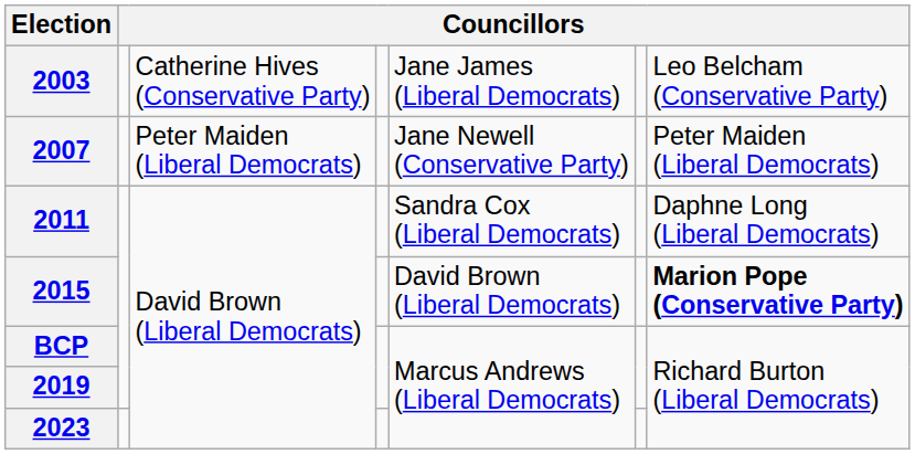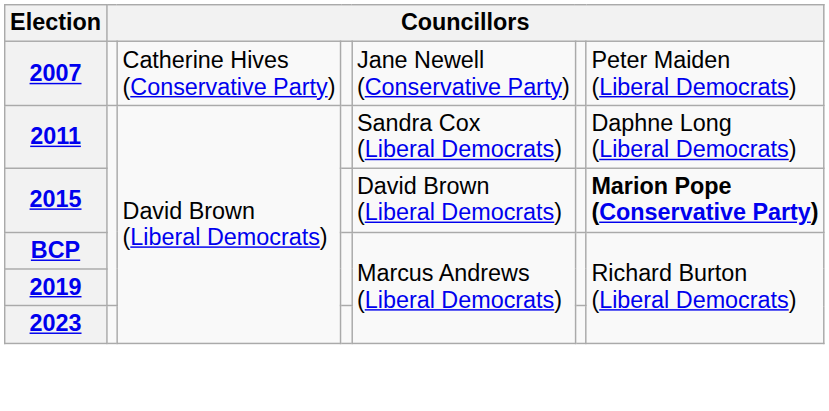 <table class="wikitable">
 <tr>
 <th>Election</th>
 <th colspan="6">Councillors</th>
 </tr>
 <tr>
-<th><a href='#'>2003</a></th>
+<th><a href='#'>2007</a></th>
 <td rowspan="1;" style="background-color: "></td>
 <td rowspan="1">Catherine Hives<br>(<a href='#'>Conservative Party</a>)</td>
-<td rowspan="1;" style="background-color: "></td>
-<td rowspan="1">Jane James<br>(<a href='#'>Liberal Democrats</a>)</td>
-<td rowspan="1;" style="background-color: "></td>
-<td rowspan="1">Leo Belcham<br>(<a href='#'>Conservative Party</a>)</td>
-</tr>
-<tr>
-<th><a href='#'>2007</a></th>
-<td rowspan="1;" style="background-color: "></td>
-<td rowspan="1">Peter Maiden<br>(<a href='#'>Liberal Democrats</a>)</td>
 <td rowspan="1;" style="background-color: "></td>
 <td rowspan="1">Jane Newell<br>(<a href='#'>Conservative Party</a>)</td>
 <td rowspan="1;" style="background-color: "></td>
 <td rowspan="1">Peter Maiden<br>(<a href='#'>Liberal Democrats</a>)</td>
 </tr>
 <tr>
 <th><a href='#'>2011</a></th>
 <td rowspan="4" style="background-color: "></td>
 <td rowspan="5">David Brown<br>(<a href='#'>Liberal Democrats</a>)</td>
 <td rowspan="1;" style="background-color: "></td>
 <td rowspan="1">Sandra Cox<br>(<a href='#'>Liberal Democrats</a>)</td>
 <td rowspan="1;" style="background-color: "></td>
 <td rowspan="1">Daphne Long<br>(<a href='#'>Liberal Democrats</a>)</td>
 </tr>
 <tr>
 <th><a href='#'>2015</a></th>
 <td rowspan="1;" style="background-color: "></td>
 <td rowspan="1">David Brown<br>(<a href='#'>Liberal Democrats</a>)</td>
 <td rowspan="1;" style="background-color: "></td>
 <td rowspan="1"><strong>Marion Pope<br>(<a href='#'>Conservative Party</a>)</strong></td>
 </tr>
 <tr>
 <th><a href='#'>BCP</a></th>
 <td rowspan="2;" style="background-color: "></td>
 <td rowspan="3">Marcus Andrews<br>(<a href='#'>Liberal Democrats</a>)</td>
 <td rowspan="2;" style="background-color: "></td>
 <td rowspan="3">Richard Burton<br>(<a href='#'>Liberal Democrats</a>)</td>
 </tr>
 <tr>
 <th><a href='#'>2019</a></th>
 </tr>
 <tr>
 <th><a href='#'>2023</a></th>
 <td rowspan="1;" style="background-color: "></td>
 <td rowspan="1;" style="background-color: "></td>
 <td rowspan="1;" style="background-color: "></td>
 </tr>
 </table>
